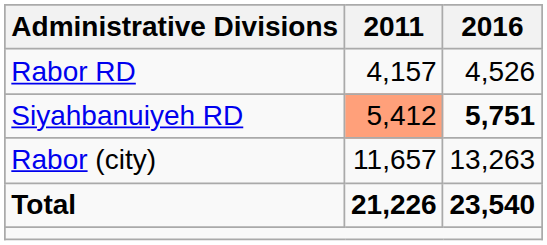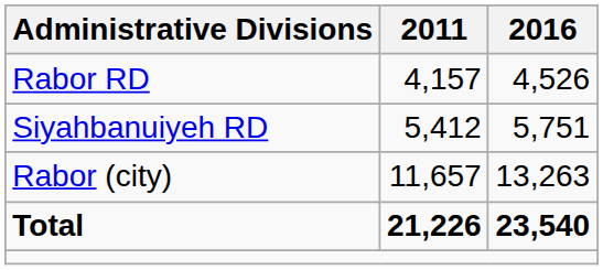 <table class="wikitable">
 <tr>
 <th>Administrative Divisions</th>
 <th>2011</th>
 <th>2016</th>
 </tr>
 <tr>
 <td><a href='#'>Rabor RD</a></td>
 <td style="text-align: right;">4,157</td>
 <td style="text-align: right;">4,526</td>
 </tr>
 <tr>
 <td><a href='#'>Siyahbanuiyeh RD</a></td>
-<td style="background: lightsalmon; text-align: right;">5,412</td>
-<td style="text-align: right;"><strong>5,751</strong></td>
+<td style="text-align: right;">5,412</td>
+<td style="text-align: right;">5,751</td>
 </tr>
 <tr>
 <td><a href='#'>Rabor</a> (city)</td>
 <td style="text-align: right;">11,657</td>
 <td style="text-align: right;">13,263</td>
 </tr>
 <tr>
 <td><strong>Total</strong></td>
 <td style="text-align: right;"><strong>21,226</strong></td>
 <td style="text-align: right;"><strong>23,540</strong></td>
 </tr>
 <tr>
 <td colspan=3></td>
 </tr>
 </table>
